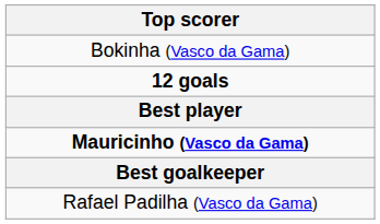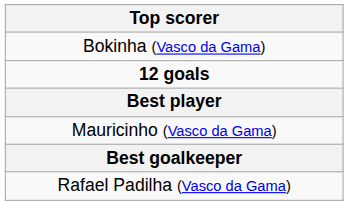 <table class="wikitable" style="margin: 1em auto 1em auto;">
 <tr>
 <th width=300>Top scorer</th>
 </tr>
 <tr align=center style="background:">
 <td style="text-align:center;"> Bokinha <small>(<a href='#'>Vasco da Gama</a>)</small></td>
 </tr>
 <tr>
 <td style="text-align:center;"><strong>12 goals</strong></td>
 </tr>
 <tr>
 <th>Best player</th>
 </tr>
 <tr>
-<td style="text-align:center;"><strong> Mauricinho <small>(<a href='#'>Vasco da Gama</a>)</small></strong></td>
+<td style="text-align:center;"> Mauricinho <small>(<a href='#'>Vasco da Gama</a>)</small></td>
 </tr>
 <tr>
 <th>Best goalkeeper</th>
 </tr>
 <tr>
 <td style="text-align:center;"> Rafael Padilha <small>(<a href='#'>Vasco da Gama</a>)</small></td>
 </tr>
 </table>
